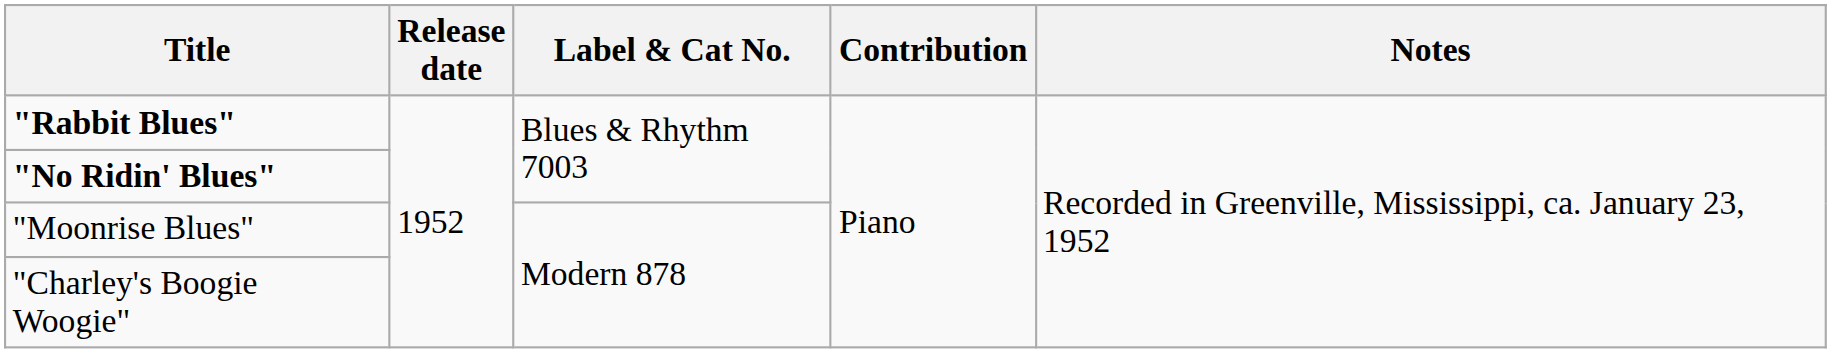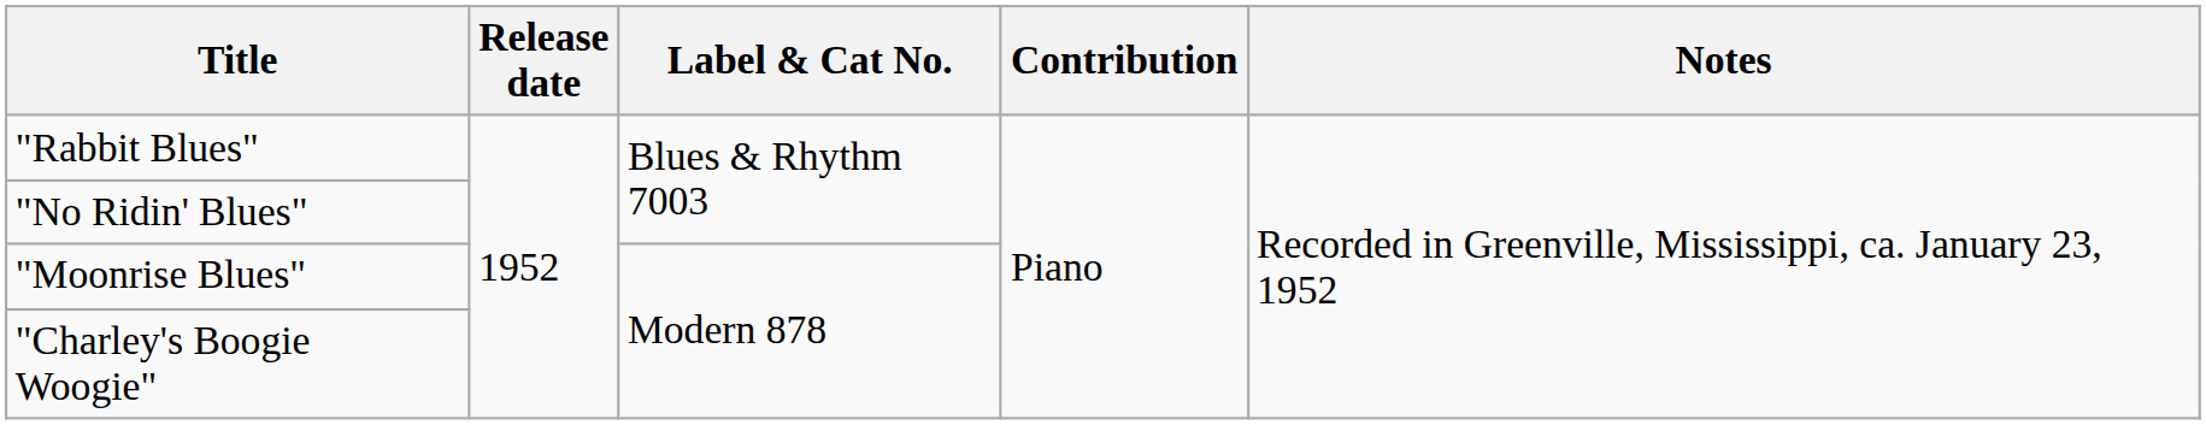 <table class="wikitable">
 <tr>
 <th>Title</th>
 <th>Release<br>date</th>
 <th>Label & Cat No.</th>
 <th>Contribution</th>
 <th>Notes</th>
 </tr>
 <tr>
-<td><strong>"Rabbit Blues"</strong></td>
+<td>"Rabbit Blues"</td>
 <td rowspan="4">1952</td>
 <td rowspan="2">Blues & Rhythm 7003</td>
 <td rowspan="4">Piano</td>
 <td rowspan="4">Recorded in Greenville, Mississippi, ca. January 23, 1952</td>
 </tr>
 <tr>
-<td><strong>"No Ridin' Blues"</strong></td>
+<td>"No Ridin' Blues"</td>
 </tr>
 <tr>
 <td>"Moonrise Blues"</td>
 <td rowspan="2">Modern 878</td>
 </tr>
 <tr>
 <td>"Charley's Boogie Woogie"</td>
 </tr>
 </table>
